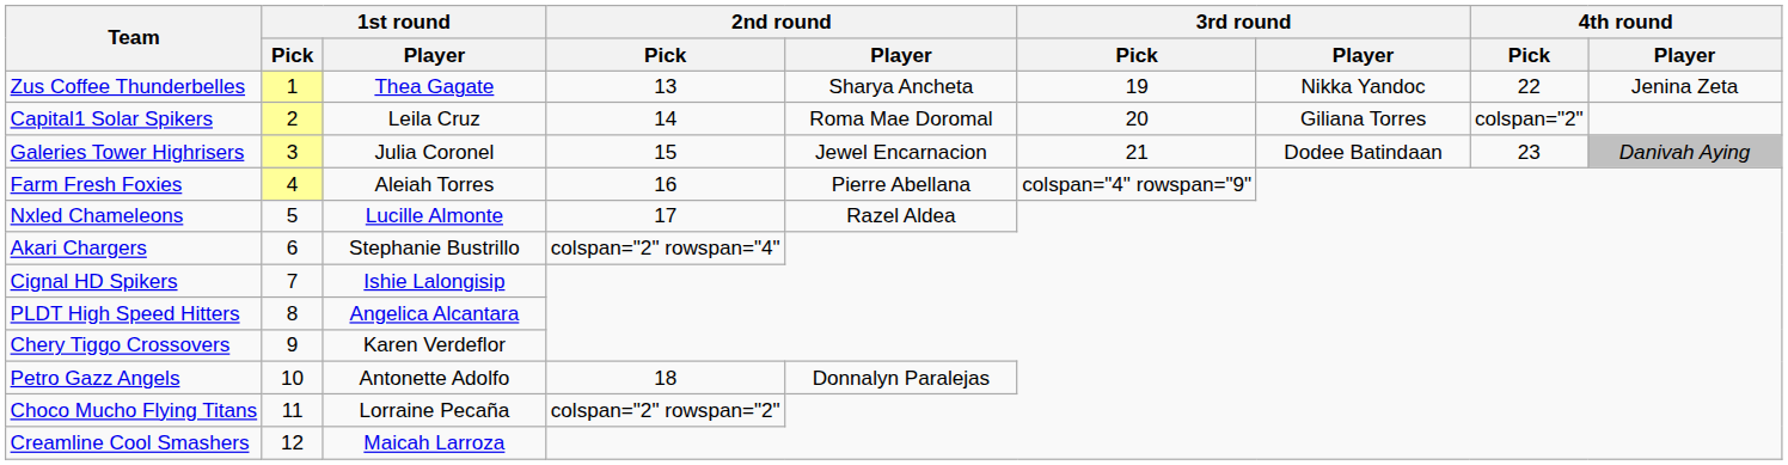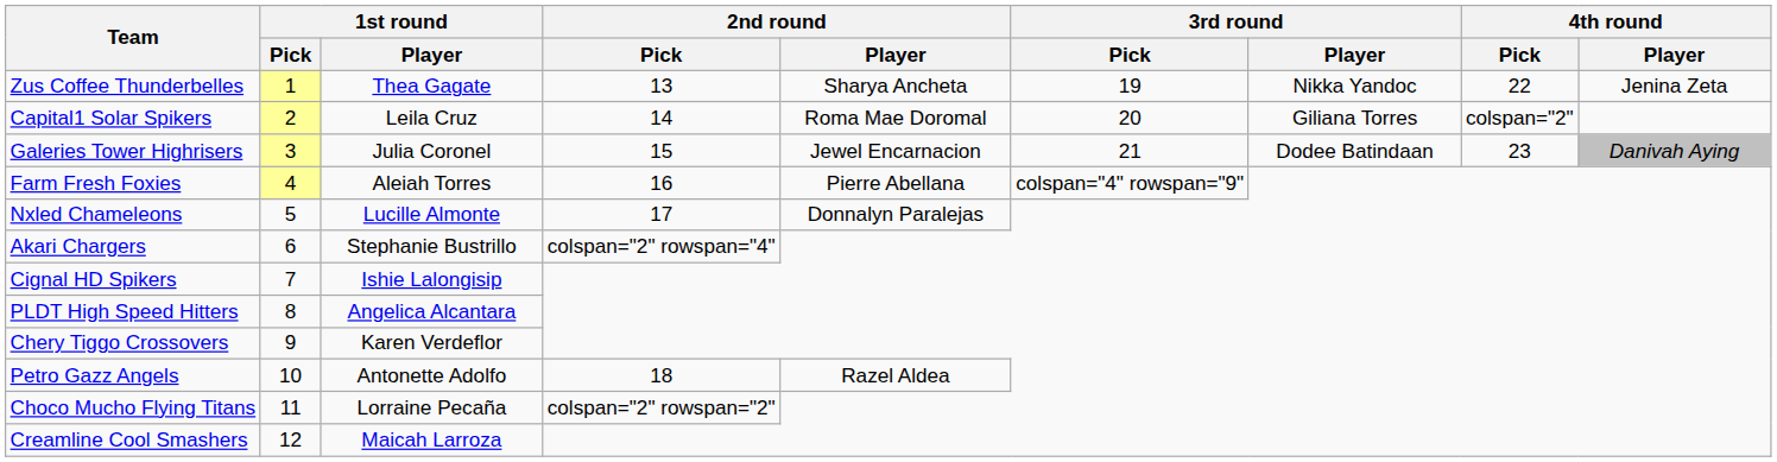 <table class="wikitable" style="font-size:90%; text-align:center; white-space:nowrap">
 <tr>
 <th rowspan="2">Team</th>
 <th colspan="2">1st round</th>
 <th colspan="2">2nd round</th>
 <th colspan="2">3rd round</th>
 <th colspan="2">4th round</th>
 </tr>
 <tr>
 <th width=5%>Pick</th>
 <th width=20%>Player</th>
 <th width=5%>Pick</th>
 <th width=20%>Player</th>
 <th width=5%>Pick</th>
 <th width=20%>Player</th>
 <th width=5%>Pick</th>
 <th width=20%>Player</th>
 </tr>
 <tr>
 <td style="text-align:left"><a href='#'>Zus Coffee Thunderbelles</a></td>
 <td style="background:#ff9;">1</td>
 <td><a href='#'>Thea Gagate</a></td>
 <td>13</td>
 <td>Sharya Ancheta</td>
 <td>19</td>
 <td>Nikka Yandoc</td>
 <td>22</td>
 <td>Jenina Zeta</td>
 </tr>
 <tr>
 <td style="text-align:left"><a href='#'>Capital1 Solar Spikers</a></td>
 <td style="background:#ff9;">2</td>
 <td>Leila Cruz</td>
 <td>14</td>
 <td>Roma Mae Doromal</td>
 <td>20</td>
 <td>Giliana Torres</td>
 <td>colspan="2" </td>
 </tr>
 <tr>
 <td style="text-align:left"><a href='#'>Galeries Tower Highrisers</a></td>
 <td style="background:#ff9;">3</td>
 <td>Julia Coronel</td>
 <td>15</td>
 <td>Jewel Encarnacion</td>
 <td>21</td>
 <td>Dodee Batindaan</td>
 <td>23</td>
 <td style="background:silver;"><em>Danivah Aying</em></td>
 </tr>
 <tr>
 <td style="text-align:left"><a href='#'>Farm Fresh Foxies</a></td>
 <td style="background:#ff9;">4</td>
 <td>Aleiah Torres</td>
 <td>16</td>
 <td>Pierre Abellana</td>
 <td>colspan="4" rowspan="9" </td>
 </tr>
 <tr>
 <td style="text-align:left"><a href='#'>Nxled Chameleons</a></td>
 <td>5</td>
 <td><a href='#'>Lucille Almonte</a></td>
 <td>17</td>
-<td>Razel Aldea</td>
+<td>Donnalyn Paralejas</td>
 </tr>
 <tr>
 <td style="text-align:left"><a href='#'>Akari Chargers</a></td>
 <td>6</td>
 <td>Stephanie Bustrillo</td>
 <td>colspan="2" rowspan="4" </td>
 </tr>
 <tr>
 <td style="text-align:left"><a href='#'>Cignal HD Spikers</a></td>
 <td>7</td>
 <td><a href='#'>Ishie Lalongisip</a></td>
 </tr>
 <tr>
 <td style="text-align:left"><a href='#'>PLDT High Speed Hitters</a></td>
 <td>8</td>
 <td><a href='#'>Angelica Alcantara</a></td>
 </tr>
 <tr>
 <td style="text-align:left"><a href='#'>Chery Tiggo Crossovers</a></td>
 <td>9</td>
 <td>Karen Verdeflor</td>
 </tr>
 <tr>
 <td style="text-align:left"><a href='#'>Petro Gazz Angels</a></td>
 <td>10</td>
 <td>Antonette Adolfo</td>
 <td>18</td>
-<td>Donnalyn Paralejas</td>
+<td>Razel Aldea</td>
 </tr>
 <tr>
 <td style="text-align:left"><a href='#'>Choco Mucho Flying Titans</a></td>
 <td>11</td>
 <td>Lorraine Pecaña</td>
 <td>colspan="2" rowspan="2" </td>
 </tr>
 <tr>
 <td style="text-align:left"><a href='#'>Creamline Cool Smashers</a></td>
 <td>12</td>
 <td><a href='#'>Maicah Larroza</a></td>
 </tr>
 </table>
